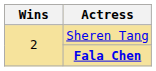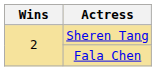 <table class="wikitable" rowspan=2 style="text-align: center; background: #f6e39c">
 <tr>
 <th scope="col" width="55">Wins</th>
 <th scope="col" align="center">Actress</th>
 </tr>
 <tr>
 <td rowspan=2 style="text-align:center;">2</td>
 <td><a href='#'>Sheren Tang</a></td>
 </tr>
 <tr>
-<td><strong><a href='#'>Fala Chen</a></strong></td>
+<td><a href='#'>Fala Chen</a></td>
 </tr>
 </table>
